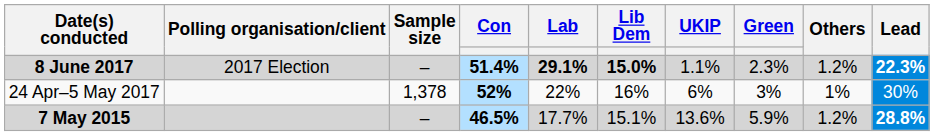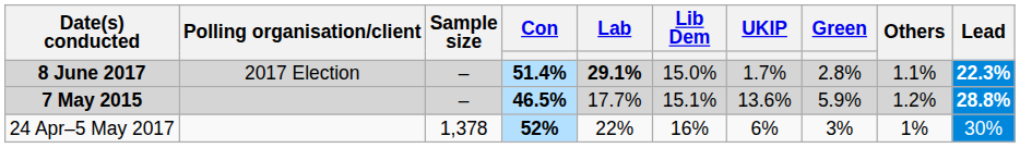 <table class="wikitable sortable mw-datatable" style="text-align:center;font-size:90%;line-height:14px;">
 <tr>
 <th rowspan="2">Date(s)<br>conducted</th>
 <th rowspan="2">Polling organisation/client</th>
 <th rowspan="2">Sample<br>size</th>
 <th style="width:50px;" class="unsortable"><a href='#'>Con</a></th>
 <th style="width:50px;" class="unsortable"><a href='#'>Lab</a></th>
 <th style="width:50px;" class="unsortable"><a href='#'>Lib Dem</a></th>
 <th style="width:50px;" class="unsortable"><a href='#'>UKIP</a></th>
 <th style="width:50px;" class="unsortable"><a href='#'>Green</a></th>
 <th style="width:50px;" rowspan="2" class="unsortable">Others</th>
 <th class="unsortable" style="width:20px;" rowspan="2">Lead</th>
 </tr>
 <tr>
 <th class="unsortable" style="color:inherit;background:"></th>
 <th class="unsortable" style="color:inherit;background:"></th>
 <th class="unsortable" style="color:inherit;background:"></th>
 <th class="unsortable" style="color:inherit;background:"></th>
 <th class="unsortable" style="color:inherit;background:"></th>
 </tr>
 <tr>
 <td style="background:#D5D5D5"><strong>8 June 2017</strong></td>
 <td style="background:#D5D5D5">2017 Election</td>
 <td style="background:#D5D5D5">–</td>
 <td style="background:#B3E0FF"><strong>51.4%</strong></td>
 <td style="background:#D5D5D5"><strong>29.1%</strong></td>
-<td style="background:#D5D5D5"><strong>15.0%</strong></td>
+<td style="background:#D5D5D5">15.0%</td>
+<td style="background:#D5D5D5">1.7%</td>
+<td style="background:#D5D5D5">2.8%</td>
 <td style="background:#D5D5D5">1.1%</td>
-<td style="background:#D5D5D5">2.3%</td>
+<td style="background:#0087DC; color:white;"><strong>22.3%</strong></td>
+</tr>
+<tr>
+<td style="background:#D5D5D5"><strong>7 May 2015</strong></td>
+<td style="background:#D5D5D5"></td>
+<td style="background:#D5D5D5">–</td>
+<td style="background:#B3E0FF"><strong>46.5%</strong></td>
+<td style="background:#D5D5D5">17.7%</td>
+<td style="background:#D5D5D5">15.1%</td>
+<td style="background:#D5D5D5">13.6%</td>
+<td style="background:#D5D5D5">5.9%</td>
 <td style="background:#D5D5D5">1.2%</td>
-<td style="background:#0087DC; color:white;"><strong>22.3%</strong></td>
+<td style="background:#0087DC; color:white;"><strong>28.8%</strong></td>
 </tr>
 <tr>
 <td>24 Apr–5 May 2017</td>
 <td></td>
 <td>1,378</td>
 <td style="background:#B3E0FF"><strong>52%</strong></td>
 <td>22%</td>
 <td>16%</td>
 <td>6%</td>
 <td>3%</td>
 <td>1%</td>
 <td style="background:#0087DC; color:white;">30%</td>
 </tr>
-<tr>
-<td style="background:#D5D5D5"><strong>7 May 2015</strong></td>
-<td style="background:#D5D5D5"></td>
-<td style="background:#D5D5D5">–</td>
-<td style="background:#B3E0FF"><strong>46.5%</strong></td>
-<td style="background:#D5D5D5">17.7%</td>
-<td style="background:#D5D5D5">15.1%</td>
-<td style="background:#D5D5D5">13.6%</td>
-<td style="background:#D5D5D5">5.9%</td>
-<td style="background:#D5D5D5">1.2%</td>
-<td style="background:#0087DC; color:white;"><strong>28.8%</strong></td>
-</tr>
 </table>
